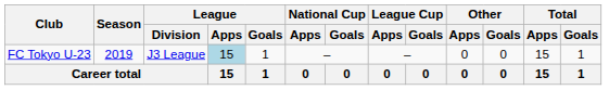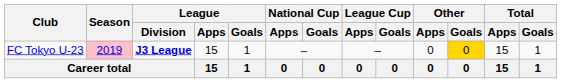 <table class="wikitable" style="text-align: center">
 <tr>
 <th rowspan="2">Club</th>
 <th rowspan="2">Season</th>
 <th colspan="3">League</th>
 <th colspan="2">National Cup</th>
 <th colspan="2">League Cup</th>
 <th colspan="2">Other</th>
 <th colspan="2">Total</th>
 </tr>
 <tr>
 <th>Division</th>
 <th>Apps</th>
 <th>Goals</th>
 <th>Apps</th>
 <th>Goals</th>
 <th>Apps</th>
 <th>Goals</th>
 <th>Apps</th>
 <th>Goals</th>
 <th>Apps</th>
 <th>Goals</th>
 </tr>
 <tr>
 <td><a href='#'>FC Tokyo U-23</a></td>
-<td><a href='#'>2019</a></td>
-<td><a href='#'>J3 League</a></td>
-<td style="background: lightblue;">15</td>
+<td style="background: pink;"><a href='#'>2019</a></td>
+<td><strong><a href='#'>J3 League</a></strong></td>
+<td>15</td>
 <td>1</td>
 <td colspan="2">–</td>
 <td colspan="2">–</td>
 <td>0</td>
-<td>0</td>
+<td style="background: gold;">0</td>
 <td>15</td>
 <td>1</td>
 </tr>
 <tr>
 <th colspan=3>Career total</th>
 <th>15</th>
 <th>1</th>
 <th>0</th>
 <th>0</th>
 <th>0</th>
 <th>0</th>
 <th>0</th>
 <th>0</th>
 <th>15</th>
 <th>1</th>
 </tr>
 </table>
